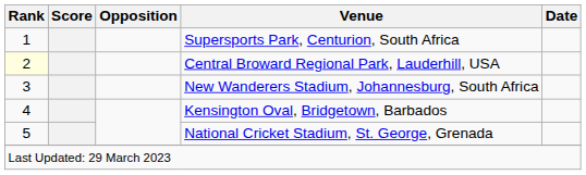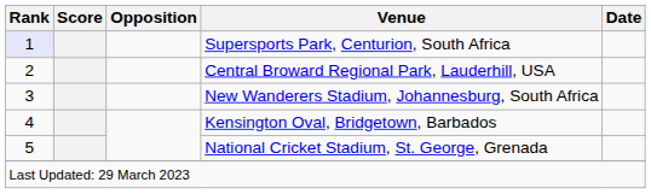 <table class="wikitable plainrowheaders sortable">
 <tr>
 <th scope=col>Rank</th>
 <th scope=col>Score</th>
 <th scope=col>Opposition</th>
 <th scope=col>Venue</th>
 <th scope=col>Date</th>
 </tr>
 <tr>
-<td align=center>1</td>
+<td align=center style="background: lavender;">1</td>
 <th scope=row style=text-align:center;></th>
 <td></td>
 <td><a href='#'>Supersports Park</a>, <a href='#'>Centurion</a>, South Africa</td>
 <td></td>
 </tr>
 <tr>
-<td align=center style="background: lightyellow;">2</td>
+<td align=center>2</td>
 <th scope=row style=text-align:center;></th>
 <td></td>
 <td><a href='#'>Central Broward Regional Park</a>, <a href='#'>Lauderhill</a>, USA</td>
 <td></td>
 </tr>
 <tr>
 <td align=center>3</td>
 <th scope=row style=text-align:center;></th>
 <td></td>
 <td><a href='#'>New Wanderers Stadium</a>, <a href='#'>Johannesburg</a>, South Africa</td>
 <td></td>
 </tr>
 <tr>
 <td align=center>4</td>
 <th scope=row style=text-align:center;></th>
 <td rowspan=2></td>
 <td><a href='#'>Kensington Oval</a>, <a href='#'>Bridgetown</a>, Barbados</td>
 <td></td>
 </tr>
 <tr>
 <td align=center>5</td>
 <th scope=row style=text-align:center;></th>
 <td><a href='#'>National Cricket Stadium</a>, <a href='#'>St. George</a>, Grenada</td>
 <td></td>
 </tr>
 <tr>
 </tr>
 <tr class=sortbottom>
 <td colspan=5><small>Last Updated: 29 March 2023</small></td>
 </tr>
 </table>
